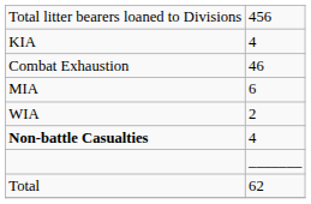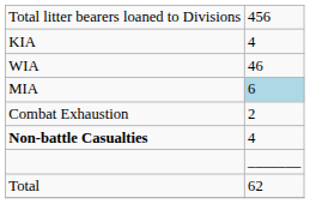 <table class="wikitable">
 <tr>
 <td>Total litter bearers loaned to Divisions</td>
 <td>456</td>
 </tr>
 <tr>
 <td>KIA</td>
 <td>4</td>
 </tr>
 <tr>
-<td>Combat Exhaustion</td>
+<td>WIA</td>
 <td>46</td>
 </tr>
 <tr>
 <td>MIA</td>
-<td>6</td>
+<td style="background: lightblue;">6</td>
 </tr>
 <tr>
-<td>WIA</td>
+<td>Combat Exhaustion</td>
 <td>2</td>
 </tr>
 <tr>
 <td><strong>Non-battle Casualties</strong></td>
 <td>4</td>
 </tr>
 <tr>
 <td></td>
 <td>_______</td>
 </tr>
 <tr>
 <td>Total</td>
 <td>62</td>
 </tr>
 <tr>
 </tr>
 </table>
